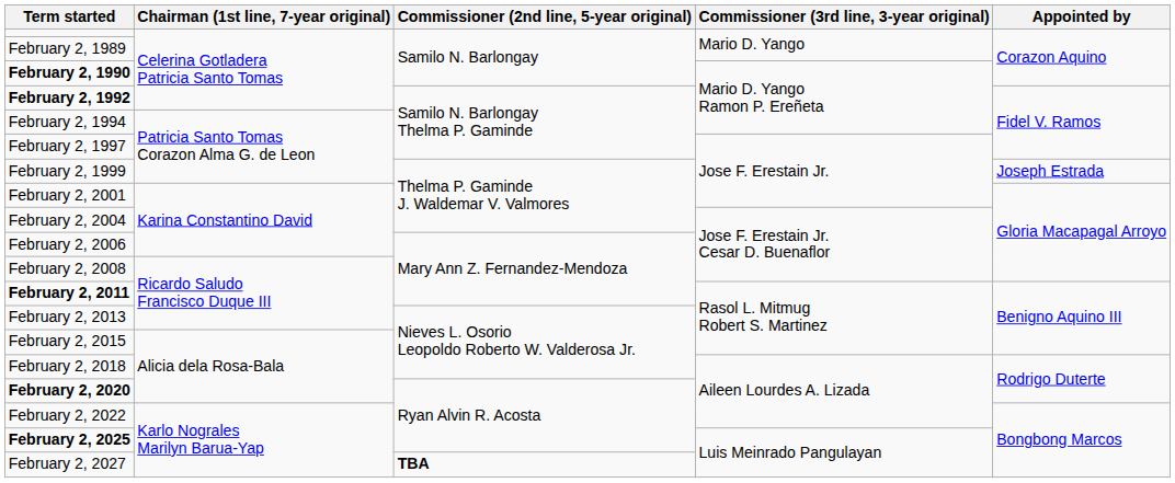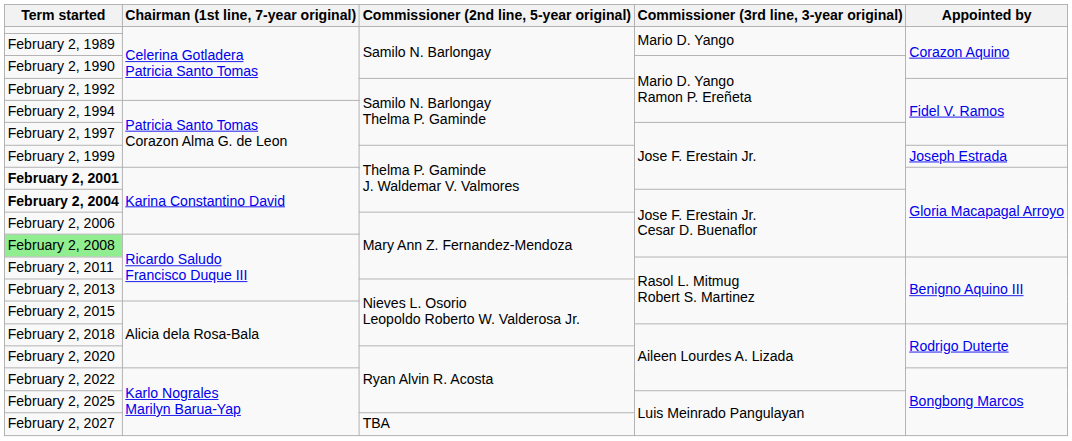 <table class="wikitable">
 <tr>
 <th>Term started</th>
 <th>Chairman (1st line, 7-year original)</th>
 <th>Commissioner (2nd line, 5-year original)</th>
 <th>Commissioner (3rd line, 3-year original)</th>
 <th>Appointed by</th>
 </tr>
 <tr>
 <td></td>
 <td rowspan="4"><a href='#'>Celerina Gotladera</a><br><a href='#'>Patricia Santo Tomas</a></td>
 <td rowspan="3">Samilo N. Barlongay<br></td>
 <td rowspan="2">Mario D. Yango<br></td>
 <td rowspan="3"><a href='#'>Corazon Aquino</a><br></td>
 </tr>
 <tr>
 <td>February 2, 1989</td>
 </tr>
 <tr>
-<td><strong>February 2, 1990</strong></td>
+<td>February 2, 1990</td>
 <td rowspan="3">Mario D. Yango<br>Ramon P. Ereñeta</td>
 </tr>
 <tr>
-<td><strong>February 2, 1992</strong></td>
+<td>February 2, 1992</td>
 <td rowspan="3">Samilo N. Barlongay<br>Thelma P. Gaminde</td>
 <td rowspan="3"><a href='#'>Fidel V. Ramos</a><br></td>
 </tr>
 <tr>
 <td>February 2, 1994</td>
 <td rowspan="4"><a href='#'>Patricia Santo Tomas</a><br>Corazon Alma G. de Leon</td>
 </tr>
 <tr>
 <td>February 2, 1997</td>
 <td rowspan="4">Jose F. Erestain Jr.<br></td>
 </tr>
 <tr>
 <td rowspan="2">February 2, 1999</td>
 <td rowspan="4">Thelma P. Gaminde<br>J. Waldemar V. Valmores</td>
 <td><a href='#'>Joseph Estrada</a><br></td>
 </tr>
 <tr>
 <td rowspan="5"><a href='#'>Gloria Macapagal Arroyo</a><br></td>
 </tr>
 <tr>
-<td>February 2, 2001</td>
+<td><strong>February 2, 2001</strong></td>
 <td rowspan="3"><a href='#'>Karina Constantino David</a><br></td>
 </tr>
 <tr>
-<td>February 2, 2004</td>
+<td><strong>February 2, 2004</strong></td>
 <td rowspan="3">Jose F. Erestain Jr.<br>Cesar D. Buenaflor</td>
 </tr>
 <tr>
 <td>February 2, 2006</td>
 <td rowspan="3">Mary Ann Z. Fernandez-Mendoza<br></td>
 </tr>
 <tr>
-<td>February 2, 2008</td>
+<td style="background: lightgreen;">February 2, 2008</td>
 <td rowspan="3"><a href='#'>Ricardo Saludo</a><br><a href='#'>Francisco Duque III</a></td>
 </tr>
 <tr>
-<td><strong>February 2, 2011</strong></td>
+<td>February 2, 2011</td>
 <td rowspan="3">Rasol L. Mitmug<br>Robert S. Martinez</td>
 <td rowspan="3"><a href='#'>Benigno Aquino III</a><br></td>
 </tr>
 <tr>
 <td>February 2, 2013</td>
 <td rowspan="3">Nieves L. Osorio<br>Leopoldo Roberto W. Valderosa Jr.</td>
 </tr>
 <tr>
 <td>February 2, 2015</td>
 <td rowspan="3">Alicia dela Rosa-Bala<br></td>
 </tr>
 <tr>
 <td>February 2, 2018</td>
 <td rowspan="4">Aileen Lourdes A. Lizada<br></td>
 <td rowspan="3"><a href='#'>Rodrigo Duterte</a><br></td>
 </tr>
 <tr>
-<td><strong>February 2, 2020</strong></td>
+<td>February 2, 2020</td>
 <td rowspan="4">Ryan Alvin R. Acosta<br></td>
 </tr>
 <tr>
 <td rowspan="2">February 2, 2022</td>
 <td rowspan="4"><a href='#'>Karlo Nograles</a><br><a href='#'>Marilyn Barua-Yap</a></td>
 </tr>
 <tr>
 <td rowspan="3"><a href='#'>Bongbong Marcos</a><br></td>
 </tr>
 <tr>
-<td><strong>February 2, 2025</strong></td>
+<td>February 2, 2025</td>
 <td rowspan="2">Luis Meinrado Pangulayan<br></td>
 </tr>
 <tr>
 <td>February 2, 2027</td>
-<td><strong>TBA</strong></td>
+<td>TBA</td>
 </tr>
 </table>
